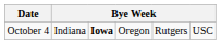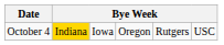 <table class="wikitable" style="font-size:95%;">
 <tr>
 <th>Date</th>
 <th colspan="5">Bye Week</th>
 </tr>
 <tr>
 <td>October 4</td>
-<td>Indiana</td>
-<td><strong>Iowa</strong></td>
+<td style="background: gold;">Indiana</td>
+<td>Iowa</td>
 <td>Oregon</td>
 <td>Rutgers</td>
 <td>USC</td>
 </tr>
 </table>
